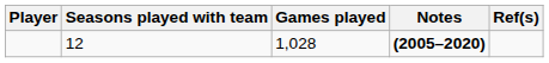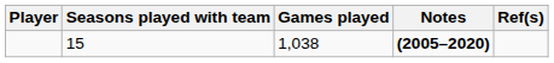 <table class="wikitable sortable plainrowheaders">
 <tr>
 <th scope="col">Player</th>
 <th scope="col">Seasons played with team</th>
 <th scope="col">Games played</th>
 <th scope="col">Notes</th>
 <th scope="col" class="unsortable">Ref(s)</th>
 </tr>
 <tr>
 <td></td>
-<td>12</td>
-<td>1,028</td>
+<td>15</td>
+<td>1,038</td>
 <td><strong>(2005–2020)</strong></td>
 <td></td>
 </tr>
 </table>
